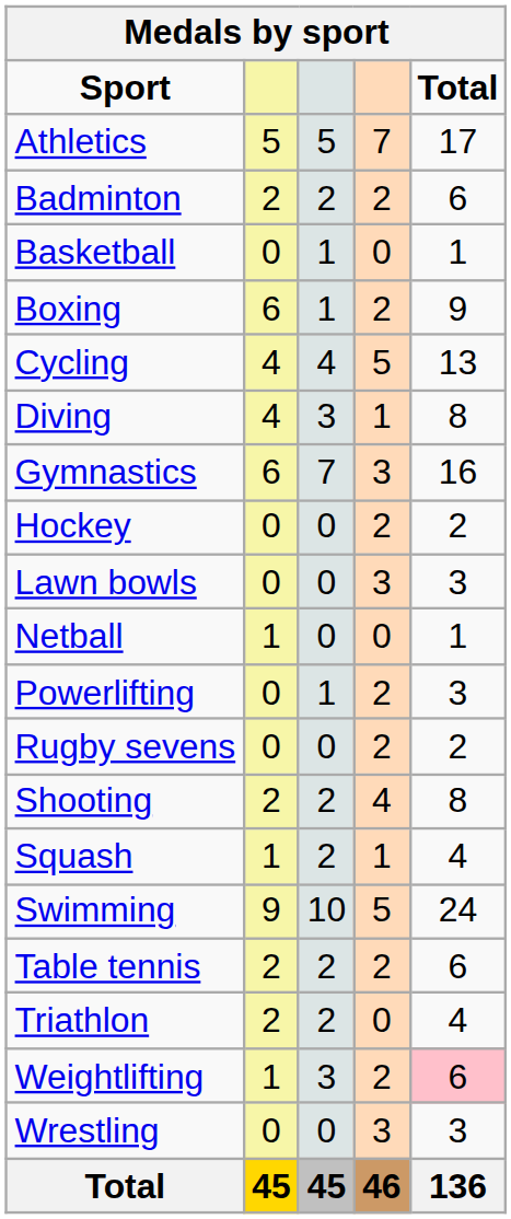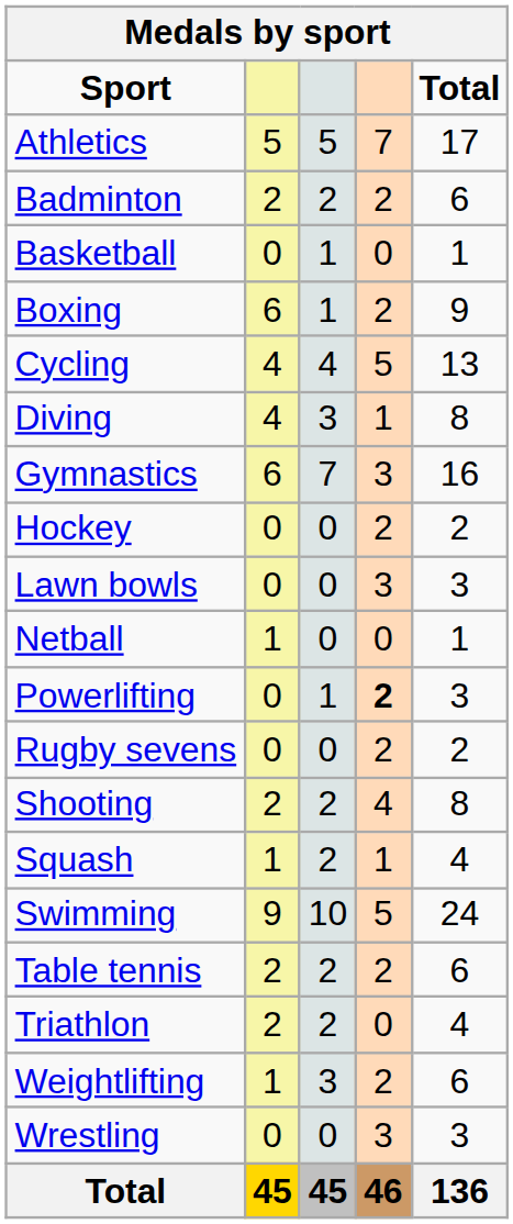 <table class="wikitable" style="font-size:85%;float:right;text-align:center">
 <tr>
 <th colspan=5>Medals by sport</th>
 </tr>
 <tr align=center>
 <td><strong>Sport</strong></td>
 <td bgcolor=#f7f6a8></td>
 <td bgcolor=#dce5e5></td>
 <td bgcolor=#ffdab9></td>
 <td><strong>Total</strong></td>
 </tr>
 <tr align=center>
 <td align=left><a href='#'>Athletics</a></td>
 <td bgcolor=#f7f6a8>5</td>
 <td bgcolor=#dce5e5>5</td>
 <td bgcolor=#ffdab9>7</td>
 <td>17</td>
 </tr>
 <tr align=center>
 <td align=left><a href='#'>Badminton</a></td>
 <td bgcolor=#f7f6a8>2</td>
 <td bgcolor=#dce5e5>2</td>
 <td bgcolor=#ffdab9>2</td>
 <td>6</td>
 </tr>
 <tr align=center>
 <td align=left><a href='#'>Basketball</a></td>
 <td bgcolor=#f7f6a8>0</td>
 <td bgcolor=#dce5e5>1</td>
 <td bgcolor=#ffdab9>0</td>
 <td>1</td>
 </tr>
 <tr align=center>
 <td align=left><a href='#'>Boxing</a></td>
 <td bgcolor=#f7f6a8>6</td>
 <td bgcolor=#dce5e5>1</td>
 <td bgcolor=#ffdab9>2</td>
 <td>9</td>
 </tr>
 <tr align=center>
 <td align=left><a href='#'>Cycling</a></td>
 <td bgcolor=#f7f6a8>4</td>
 <td bgcolor=#dce5e5>4</td>
 <td bgcolor=#ffdab9>5</td>
 <td>13</td>
 </tr>
 <tr align=center>
 <td align=left><a href='#'>Diving</a></td>
 <td bgcolor=#f7f6a8>4</td>
 <td bgcolor=#dce5e5>3</td>
 <td bgcolor=#ffdab9>1</td>
 <td>8</td>
 </tr>
 <tr align=center>
 <td align=left><a href='#'>Gymnastics</a></td>
 <td bgcolor=#f7f6a8>6</td>
 <td bgcolor=#dce5e5>7</td>
 <td bgcolor=#ffdab9>3</td>
 <td>16</td>
 </tr>
 <tr align=center>
 <td align=left><a href='#'>Hockey</a></td>
 <td bgcolor=#f7f6a8>0</td>
 <td bgcolor=#dce5e5>0</td>
 <td bgcolor=#ffdab9>2</td>
 <td>2</td>
 </tr>
 <tr align=center>
 <td align=left><a href='#'>Lawn bowls</a></td>
 <td bgcolor=#f7f6a8>0</td>
 <td bgcolor=#dce5e5>0</td>
 <td bgcolor=#ffdab9>3</td>
 <td>3</td>
 </tr>
 <tr align=center>
 <td align=left><a href='#'>Netball</a></td>
 <td bgcolor=#f7f6a8>1</td>
 <td bgcolor=#dce5e5>0</td>
 <td bgcolor=#ffdab9>0</td>
 <td>1</td>
 </tr>
 <tr align=center>
 <td align=left><a href='#'>Powerlifting</a></td>
 <td bgcolor=#f7f6a8>0</td>
 <td bgcolor=#dce5e5>1</td>
-<td bgcolor=#ffdab9>2</td>
+<td bgcolor=#ffdab9><strong>2</strong></td>
 <td>3</td>
 </tr>
 <tr align=center>
 <td align=left><a href='#'>Rugby sevens</a></td>
 <td bgcolor=#f7f6a8>0</td>
 <td bgcolor=#dce5e5>0</td>
 <td bgcolor=#ffdab9>2</td>
 <td>2</td>
 </tr>
 <tr align=center>
 <td align=left><a href='#'>Shooting</a></td>
 <td bgcolor=#f7f6a8>2</td>
 <td bgcolor=#dce5e5>2</td>
 <td bgcolor=#ffdab9>4</td>
 <td>8</td>
 </tr>
 <tr align=center>
 <td align=left><a href='#'>Squash</a></td>
 <td bgcolor=#f7f6a8>1</td>
 <td bgcolor=#dce5e5>2</td>
 <td bgcolor=#ffdab9>1</td>
 <td>4</td>
 </tr>
 <tr align=center>
 <td align=left><a href='#'>Swimming</a></td>
 <td bgcolor=#f7f6a8>9</td>
 <td bgcolor=#dce5e5>10</td>
 <td bgcolor=#ffdab9>5</td>
 <td>24</td>
 </tr>
 <tr align=center>
 <td align=left><a href='#'>Table tennis</a></td>
 <td bgcolor=#f7f6a8>2</td>
 <td bgcolor=#dce5e5>2</td>
 <td bgcolor=#ffdab9>2</td>
 <td>6</td>
 </tr>
 <tr align=center>
 <td align=left><a href='#'>Triathlon</a></td>
 <td bgcolor=#f7f6a8>2</td>
 <td bgcolor=#dce5e5>2</td>
 <td bgcolor=#ffdab9>0</td>
 <td>4</td>
 </tr>
 <tr align=center>
 <td align=left><a href='#'>Weightlifting</a></td>
 <td bgcolor=#f7f6a8>1</td>
 <td bgcolor=#dce5e5>3</td>
 <td bgcolor=#ffdab9>2</td>
-<td style="background: pink;">6</td>
+<td>6</td>
 </tr>
 <tr align=center>
 <td align=left><a href='#'>Wrestling</a></td>
 <td bgcolor=#f7f6a8>0</td>
 <td bgcolor=#dce5e5>0</td>
 <td bgcolor=#ffdab9>3</td>
 <td>3</td>
 </tr>
 <tr align=center>
 <th bgcolor=#efefef>Total</th>
 <th style="background:gold;">45</th>
 <th style="background:silver;">45</th>
 <th style="background:#c96;">46</th>
 <th>136</th>
 </tr>
 </table>
